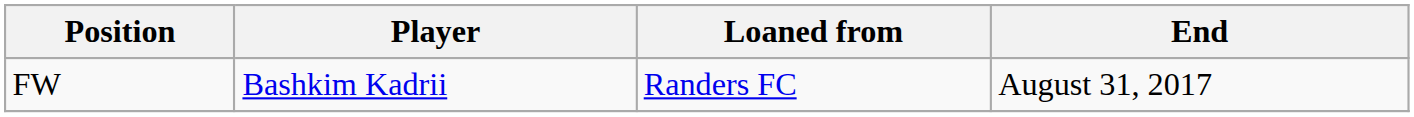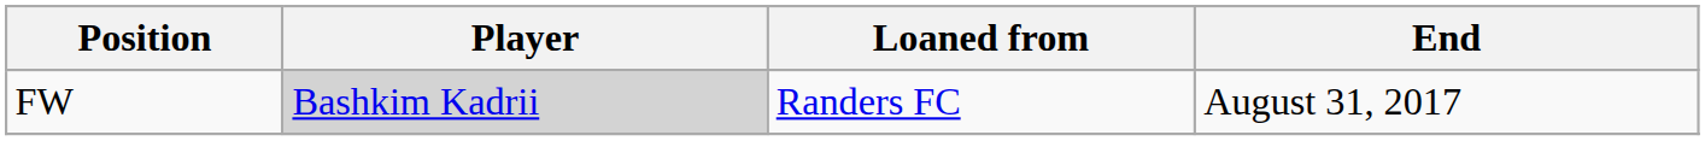 <table class="wikitable sortable" style="width:75%; text-align:center; font-size:95%; text-align:left;">
 <tr>
 <th>Position</th>
 <th>Player</th>
 <th>Loaned from</th>
 <th>End</th>
 </tr>
 <tr>
 <td>FW</td>
-<td>  <a href='#'>Bashkim Kadrii</a></td>
+<td style="background: lightgrey;">  <a href='#'>Bashkim Kadrii</a></td>
 <td><a href='#'>Randers FC</a></td>
 <td>August 31, 2017</td>
 </tr>
 <tr>
 </tr>
 </table>
